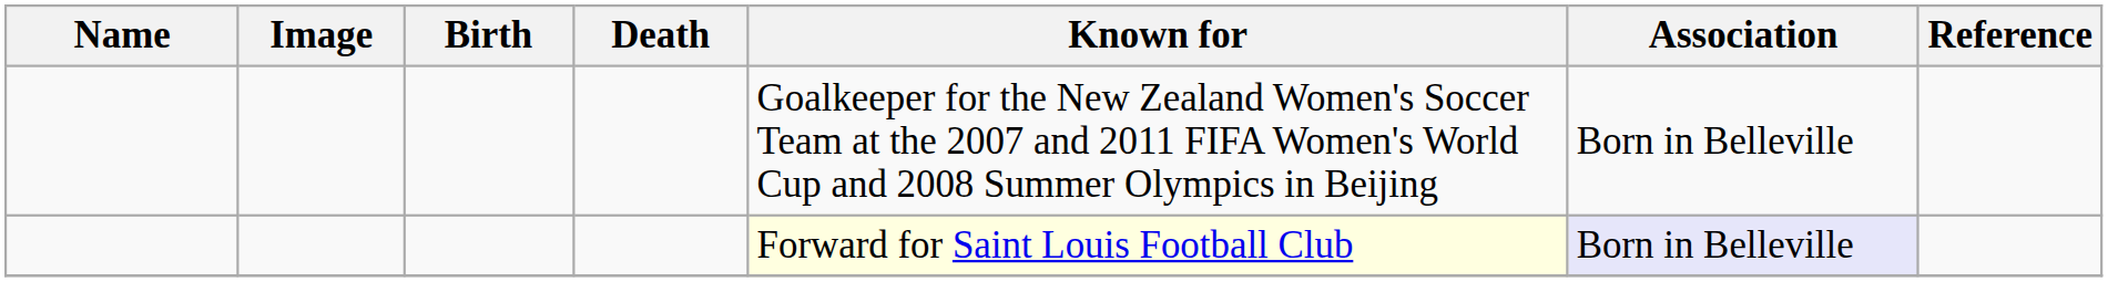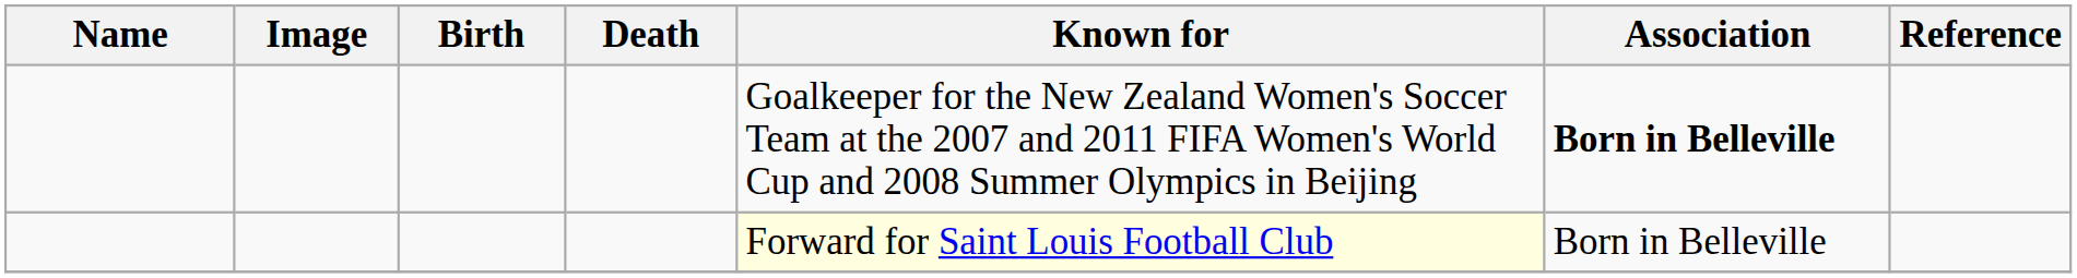 <table class="wikitable sortable">
 <tr>
 <th scope="col" width="140">Name</th>
 <th scope="col" width="80" class="unsortable">Image</th>
 <th scope="col" width="90">Birth</th>
 <th scope="col" width="90">Death</th>
 <th scope="col" width="600" class="unsortable">Known for</th>
 <th scope="col" width="200" class="unsortable">Association</th>
 <th scope="col" width="30" class="unsortable">Reference</th>
 </tr>
 <tr>
 <td></td>
 <td></td>
 <td align=right></td>
 <td></td>
 <td>Goalkeeper for the New Zealand Women's Soccer Team at the 2007 and 2011 FIFA Women's World Cup and 2008 Summer Olympics in Beijing</td>
-<td>Born in Belleville</td>
+<td><strong>Born in Belleville</strong></td>
 <td align="center"></td>
 </tr>
 <tr>
 <td></td>
 <td></td>
 <td align=right></td>
 <td></td>
 <td style="background: lightyellow;">Forward for <a href='#'>Saint Louis Football Club</a></td>
-<td style="background: lavender;">Born in Belleville</td>
+<td>Born in Belleville</td>
 <td align="center"></td>
 </tr>
 <tr>
 </tr>
 </table>
